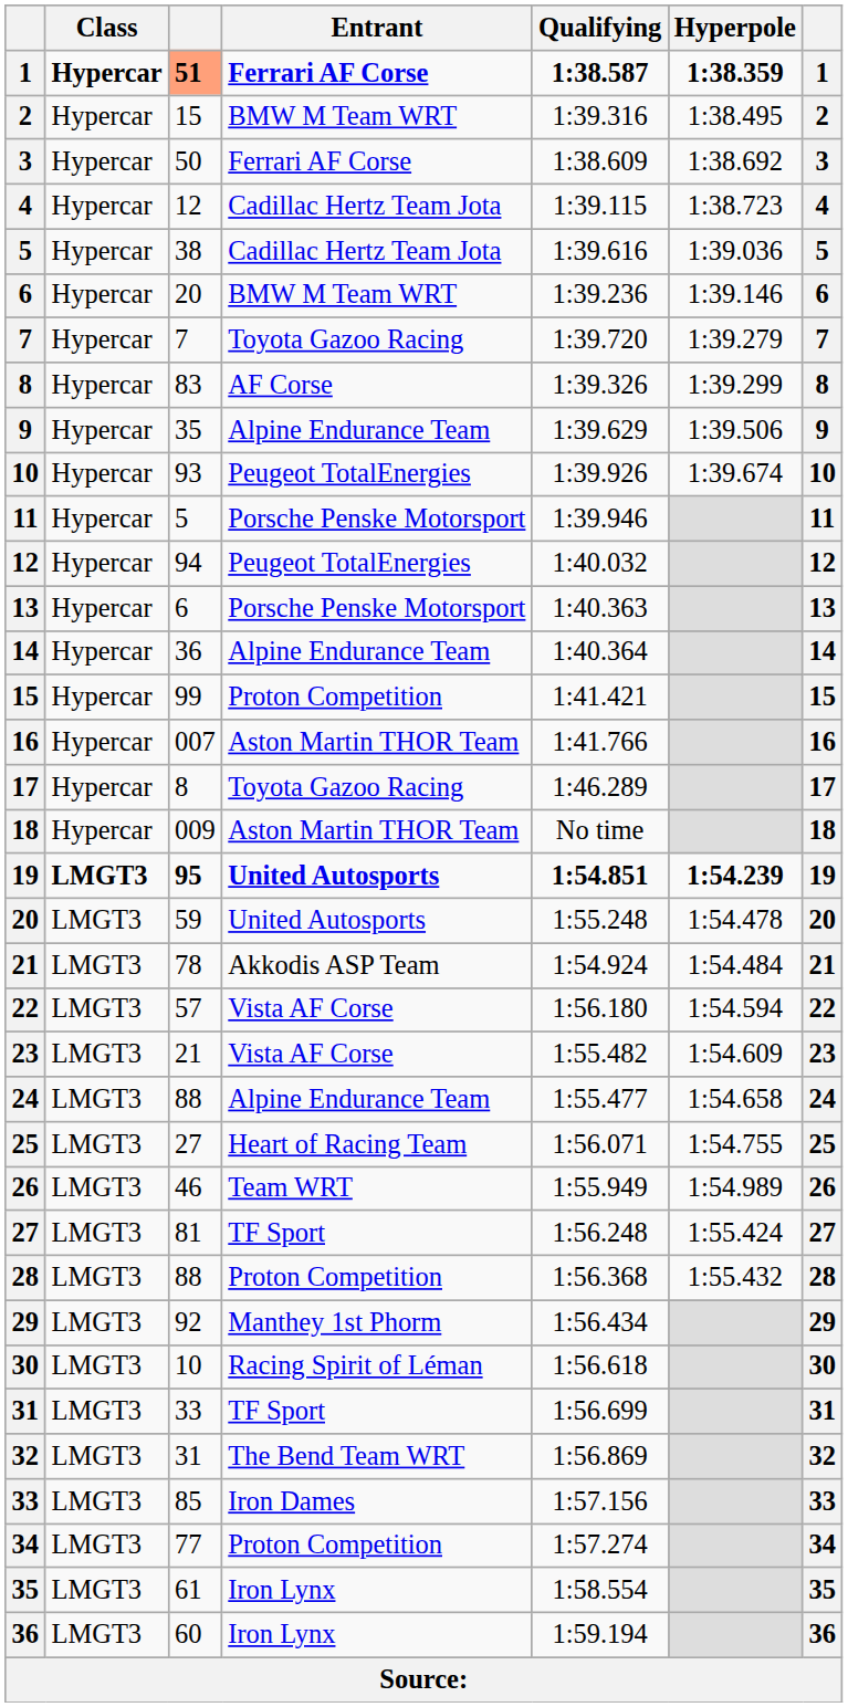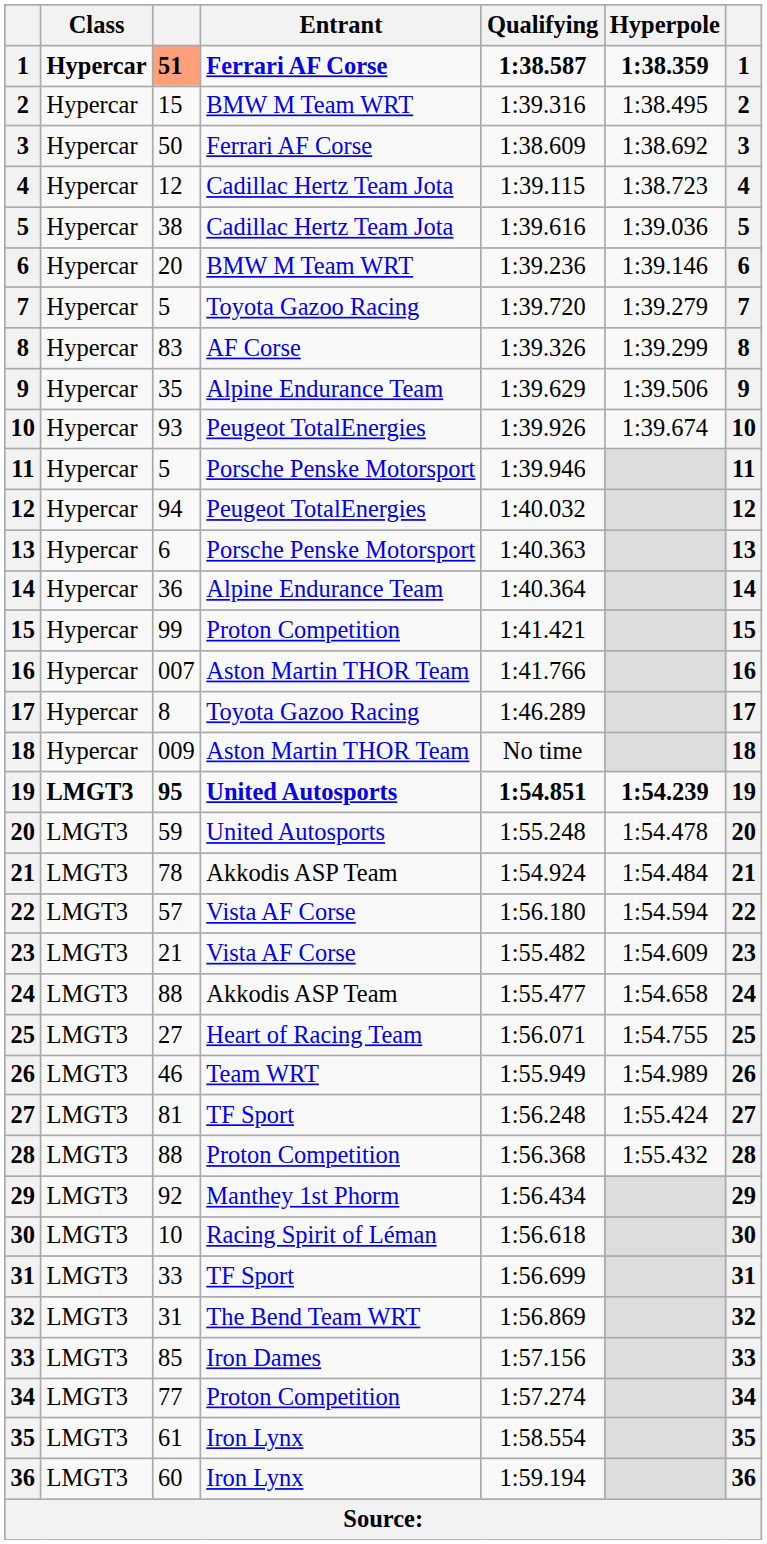 <table class="wikitable" style="font-size:90%;">
 <tr>
 <th></th>
 <th>Class</th>
 <th></th>
 <th>Entrant</th>
 <th>Qualifying</th>
 <th>Hyperpole</th>
 <th></th>
 </tr>
 <tr style="font-weight:bold">
 <th>1</th>
 <td>Hypercar</td>
 <td style="background: lightsalmon;">51</td>
 <td> <a href='#'>Ferrari AF Corse</a></td>
 <td style="text-align:center;">1:38.587</td>
 <td style="text-align:center;">1:38.359</td>
 <th>1</th>
 </tr>
 <tr>
 <th>2</th>
 <td>Hypercar</td>
 <td>15</td>
 <td> <a href='#'>BMW M Team WRT</a></td>
 <td style="text-align:center;">1:39.316</td>
 <td style="text-align:center;">1:38.495</td>
 <th>2</th>
 </tr>
 <tr>
 <th>3</th>
 <td>Hypercar</td>
 <td>50</td>
 <td> <a href='#'>Ferrari AF Corse</a></td>
 <td style="text-align:center;">1:38.609</td>
 <td style="text-align:center;">1:38.692</td>
 <th>3</th>
 </tr>
 <tr>
 <th>4</th>
 <td>Hypercar</td>
 <td>12</td>
 <td> <a href='#'>Cadillac Hertz Team Jota</a></td>
 <td style="text-align:center;">1:39.115</td>
 <td style="text-align:center;">1:38.723</td>
 <th>4</th>
 </tr>
 <tr>
 <th>5</th>
 <td>Hypercar</td>
 <td>38</td>
 <td> <a href='#'>Cadillac Hertz Team Jota</a></td>
 <td style="text-align:center;">1:39.616</td>
 <td style="text-align:center;">1:39.036</td>
 <th>5</th>
 </tr>
 <tr>
 <th>6</th>
 <td>Hypercar</td>
 <td>20</td>
 <td> <a href='#'>BMW M Team WRT</a></td>
 <td style="text-align:center;">1:39.236</td>
 <td style="text-align:center;">1:39.146</td>
 <th>6</th>
 </tr>
 <tr>
 <th>7</th>
 <td>Hypercar</td>
-<td>7</td>
+<td>5</td>
 <td> <a href='#'>Toyota Gazoo Racing</a></td>
 <td style="text-align:center;">1:39.720</td>
 <td style="text-align:center;">1:39.279</td>
 <th>7</th>
 </tr>
 <tr>
 <th>8</th>
 <td>Hypercar</td>
 <td>83</td>
 <td> <a href='#'>AF Corse</a></td>
 <td style="text-align:center;">1:39.326</td>
 <td style="text-align:center;">1:39.299</td>
 <th>8</th>
 </tr>
 <tr>
 <th>9</th>
 <td>Hypercar</td>
 <td>35</td>
 <td> <a href='#'>Alpine Endurance Team</a></td>
 <td style="text-align:center;">1:39.629</td>
 <td style="text-align:center;">1:39.506</td>
 <th>9</th>
 </tr>
 <tr>
 <th>10</th>
 <td>Hypercar</td>
 <td>93</td>
 <td> <a href='#'>Peugeot TotalEnergies</a></td>
 <td style="text-align:center;">1:39.926</td>
 <td style="text-align:center;">1:39.674</td>
 <th>10</th>
 </tr>
 <tr>
 <th>11</th>
 <td>Hypercar</td>
 <td>5</td>
 <td> <a href='#'>Porsche Penske Motorsport</a></td>
 <td style="text-align:center;">1:39.946</td>
 <td style="text-align:center; background:#ddd;"></td>
 <th>11</th>
 </tr>
 <tr>
 <th>12</th>
 <td>Hypercar</td>
 <td>94</td>
 <td> <a href='#'>Peugeot TotalEnergies</a></td>
 <td style="text-align:center;">1:40.032</td>
 <td style="text-align:center; background:#ddd;"></td>
 <th>12</th>
 </tr>
 <tr>
 <th>13</th>
 <td>Hypercar</td>
 <td>6</td>
 <td> <a href='#'>Porsche Penske Motorsport</a></td>
 <td style="text-align:center;">1:40.363</td>
 <td style="text-align:center; background:#ddd;"></td>
 <th>13</th>
 </tr>
 <tr>
 <th>14</th>
 <td>Hypercar</td>
 <td>36</td>
 <td> <a href='#'>Alpine Endurance Team</a></td>
 <td style="text-align:center;">1:40.364</td>
 <td style="text-align:center; background:#ddd;"></td>
 <th>14</th>
 </tr>
 <tr>
 <th>15</th>
 <td>Hypercar</td>
 <td>99</td>
 <td> <a href='#'>Proton Competition</a></td>
 <td style="text-align:center;">1:41.421</td>
 <td style="text-align:center; background:#ddd;"></td>
 <th>15</th>
 </tr>
 <tr>
 <th>16</th>
 <td>Hypercar</td>
 <td>007</td>
 <td> <a href='#'>Aston Martin THOR Team</a></td>
 <td style="text-align:center;">1:41.766</td>
 <td style="text-align:center; background:#ddd;"></td>
 <th>16</th>
 </tr>
 <tr>
 <th>17</th>
 <td>Hypercar</td>
 <td>8</td>
 <td> <a href='#'>Toyota Gazoo Racing</a></td>
 <td style="text-align:center;">1:46.289</td>
 <td style="text-align:center; background:#ddd;"></td>
 <th>17</th>
 </tr>
 <tr>
 <th>18</th>
 <td>Hypercar</td>
 <td>009</td>
 <td> <a href='#'>Aston Martin THOR Team</a></td>
 <td style="text-align:center;">No time</td>
 <td style="text-align:center; background:#ddd;"></td>
 <th>18</th>
 </tr>
 <tr style="font-weight:bold">
 <th>19</th>
 <td>LMGT3</td>
 <td>95</td>
 <td> <a href='#'>United Autosports</a></td>
 <td style="text-align:center;">1:54.851</td>
 <td style="text-align:center;">1:54.239</td>
 <th>19</th>
 </tr>
 <tr>
 <th>20</th>
 <td>LMGT3</td>
 <td>59</td>
 <td> <a href='#'>United Autosports</a></td>
 <td style="text-align:center;">1:55.248</td>
 <td style="text-align:center;">1:54.478</td>
 <th>20</th>
 </tr>
 <tr>
 <th>21</th>
 <td>LMGT3</td>
 <td>78</td>
 <td> Akkodis ASP Team</td>
 <td style="text-align:center;">1:54.924</td>
 <td style="text-align:center;">1:54.484</td>
 <th>21</th>
 </tr>
 <tr>
 <th>22</th>
 <td>LMGT3</td>
 <td>57</td>
 <td> <a href='#'>Vista AF Corse</a></td>
 <td style="text-align:center;">1:56.180</td>
 <td style="text-align:center;">1:54.594</td>
 <th>22</th>
 </tr>
 <tr>
 <th>23</th>
 <td>LMGT3</td>
 <td>21</td>
 <td> <a href='#'>Vista AF Corse</a></td>
 <td style="text-align:center;">1:55.482</td>
 <td style="text-align:center;">1:54.609</td>
 <th>23</th>
 </tr>
 <tr>
 <th>24</th>
 <td>LMGT3</td>
 <td>88</td>
-<td> <a href='#'>Alpine Endurance Team</a></td>
+<td> Akkodis ASP Team</td>
 <td style="text-align:center;">1:55.477</td>
 <td style="text-align:center;">1:54.658</td>
 <th>24</th>
 </tr>
 <tr>
 <th>25</th>
 <td>LMGT3</td>
 <td>27</td>
 <td> <a href='#'>Heart of Racing Team</a></td>
 <td style="text-align:center;">1:56.071</td>
 <td style="text-align:center;">1:54.755</td>
 <th>25</th>
 </tr>
 <tr>
 <th>26</th>
 <td>LMGT3</td>
 <td>46</td>
 <td> <a href='#'>Team WRT</a></td>
 <td style="text-align:center;">1:55.949</td>
 <td style="text-align:center;">1:54.989</td>
 <th>26</th>
 </tr>
 <tr>
 <th>27</th>
 <td>LMGT3</td>
 <td>81</td>
 <td> <a href='#'>TF Sport</a></td>
 <td style="text-align:center;">1:56.248</td>
 <td style="text-align:center;">1:55.424</td>
 <th>27</th>
 </tr>
 <tr>
 <th>28</th>
 <td>LMGT3</td>
 <td>88</td>
 <td> <a href='#'>Proton Competition</a></td>
 <td style="text-align:center;">1:56.368</td>
 <td style="text-align:center;">1:55.432</td>
 <th>28</th>
 </tr>
 <tr>
 <th>29</th>
 <td>LMGT3</td>
 <td>92</td>
 <td> <a href='#'>Manthey 1st Phorm</a></td>
 <td style="text-align:center;">1:56.434</td>
 <td style="text-align:center; background:#ddd;"></td>
 <th>29</th>
 </tr>
 <tr>
 <th>30</th>
 <td>LMGT3</td>
 <td>10</td>
 <td> <a href='#'>Racing Spirit of Léman</a></td>
 <td style="text-align:center;">1:56.618</td>
 <td style="text-align:center; background:#ddd;"></td>
 <th>30</th>
 </tr>
 <tr>
 <th>31</th>
 <td>LMGT3</td>
 <td>33</td>
 <td> <a href='#'>TF Sport</a></td>
 <td style="text-align:center;">1:56.699</td>
 <td style="text-align:center; background:#ddd;"></td>
 <th>31</th>
 </tr>
 <tr>
 <th>32</th>
 <td>LMGT3</td>
 <td>31</td>
 <td> <a href='#'>The Bend Team WRT</a></td>
 <td style="text-align:center;">1:56.869</td>
 <td style="text-align:center; background:#ddd;"></td>
 <th>32</th>
 </tr>
 <tr>
 <th>33</th>
 <td>LMGT3</td>
 <td>85</td>
 <td> <a href='#'>Iron Dames</a></td>
 <td style="text-align:center;">1:57.156</td>
 <td style="text-align:center; background:#ddd;"></td>
 <th>33</th>
 </tr>
 <tr>
 <th>34</th>
 <td>LMGT3</td>
 <td>77</td>
 <td> <a href='#'>Proton Competition</a></td>
 <td style="text-align:center;">1:57.274</td>
 <td style="text-align:center; background:#ddd;"></td>
 <th>34</th>
 </tr>
 <tr>
 <th>35</th>
 <td>LMGT3</td>
 <td>61</td>
 <td> <a href='#'>Iron Lynx</a></td>
 <td style="text-align:center;">1:58.554</td>
 <td style="text-align:center; background:#ddd;"></td>
 <th>35</th>
 </tr>
 <tr>
 <th>36</th>
 <td>LMGT3</td>
 <td>60</td>
 <td> <a href='#'>Iron Lynx</a></td>
 <td style="text-align:center;">1:59.194</td>
 <td style="text-align:center; background:#ddd;"></td>
 <th>36</th>
 </tr>
 <tr>
 <th colspan="7">Source:</th>
 </tr>
 </table>
